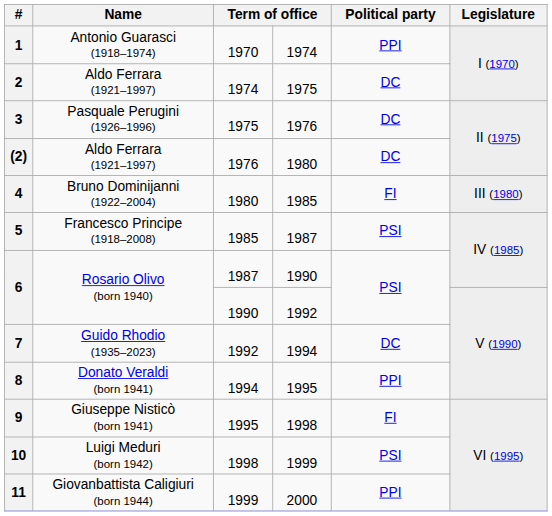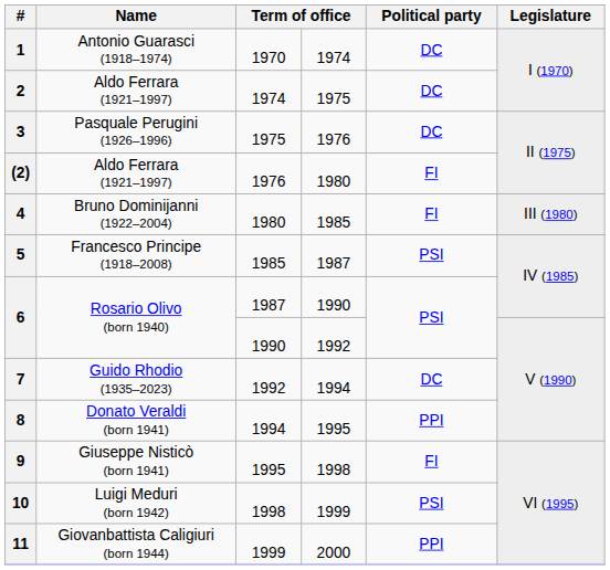 <table class="wikitable" style="text-align:center; width:50%; border:1px #AAAAFF solid">
 <tr>
 <th>#</th>
 <th>Name</th>
 <th colspan=2>Term of office</th>
 <th>Political party</th>
 <th>Legislature</th>
 </tr>
 <tr>
 <th style="background:">1</th>
 <td>Antonio Guarasci<br><small>(1918–1974)</small></td>
 <td><br>1970</td>
 <td><br>1974</td>
-<td><a href='#'>PPI</a></td>
+<td><a href='#'>DC</a></td>
 <td rowspan=2 bgcolor=#EEEEEE>I <small>(<a href='#'>1970</a>)</small></td>
 </tr>
 <tr>
 <th style="background:">2</th>
 <td>Aldo Ferrara<br><small>(1921–1997)</small></td>
 <td><br>1974</td>
 <td><br>1975</td>
 <td><a href='#'>DC</a></td>
 </tr>
 <tr>
 <th style="background:">3</th>
 <td>Pasquale Perugini<br><small>(1926–1996)</small></td>
 <td><br>1975</td>
 <td><br>1976</td>
 <td><a href='#'>DC</a></td>
 <td rowspan=2 bgcolor=#EEEEEE>II <small>(<a href='#'>1975</a>)</small></td>
 </tr>
 <tr>
 <th style="background:">(2)</th>
 <td>Aldo Ferrara<br><small>(1921–1997)</small></td>
 <td><br>1976</td>
 <td><br>1980</td>
-<td><a href='#'>DC</a></td>
+<td><a href='#'>FI</a></td>
 </tr>
 <tr>
 <th style="background:">4</th>
 <td>Bruno Dominijanni<br><small>(1922–2004)</small></td>
 <td><br>1980</td>
 <td><br>1985</td>
 <td><a href='#'>FI</a></td>
 <td bgcolor=#EEEEEE>III <small>(<a href='#'>1980</a>)</small></td>
 </tr>
 <tr>
 <th style="background:">5</th>
 <td>Francesco Principe<br><small>(1918–2008)</small></td>
 <td><br>1985</td>
 <td><br>1987</td>
 <td><a href='#'>PSI</a></td>
 <td rowspan=2 bgcolor=#EEEEEE>IV <small>(<a href='#'>1985</a>)</small></td>
 </tr>
 <tr>
 <th rowspan=2 style="background:">6</th>
 <td rowspan=2><a href='#'>Rosario Olivo</a><br><small>(born 1940)</small></td>
 <td><br>1987</td>
 <td><br>1990</td>
 <td rowspan=2><a href='#'>PSI</a></td>
 </tr>
 <tr>
 <td><br>1990</td>
 <td><br>1992</td>
 <td rowspan=3 bgcolor=#EEEEEE>V <small>(<a href='#'>1990</a>)</small></td>
 </tr>
 <tr>
 <th style="background:">7</th>
 <td><a href='#'>Guido Rhodio</a><br><small>(1935–2023)</small></td>
 <td><br>1992</td>
 <td><br>1994</td>
 <td><a href='#'>DC</a></td>
 </tr>
 <tr>
 <th style="background:">8</th>
 <td><a href='#'>Donato Veraldi</a><br><small>(born 1941)</small></td>
 <td><br>1994</td>
 <td><br>1995</td>
 <td><a href='#'>PPI</a></td>
 </tr>
 <tr>
 <th style="background:">9</th>
 <td>Giuseppe Nisticò<br><small>(born 1941)</small></td>
 <td><br>1995</td>
 <td><br>1998</td>
 <td><a href='#'>FI</a></td>
 <td rowspan=3 bgcolor=#EEEEEE>VI <small>(<a href='#'>1995</a>)</small></td>
 </tr>
 <tr>
 <th style="background:">10</th>
 <td>Luigi Meduri<br><small>(born 1942)</small></td>
 <td><br>1998</td>
 <td><br>1999</td>
 <td><a href='#'>PSI</a></td>
 </tr>
 <tr>
 <th style="background:">11</th>
 <td>Giovanbattista Caligiuri<br><small>(born 1944)</small></td>
 <td><br>1999</td>
 <td><br>2000</td>
 <td><a href='#'>PPI</a></td>
 </tr>
 <tr>
 </tr>
 </table>
